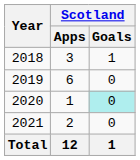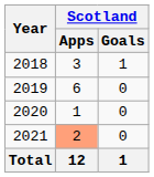 <table class="wikitable" style="text-align:center">
 <tr>
 <th rowspan=2>Year</th>
 <th colspan=2><a href='#'>Scotland</a></th>
 </tr>
 <tr>
 <th>Apps</th>
 <th>Goals</th>
 </tr>
 <tr>
 <td>2018</td>
 <td>3</td>
 <td>1</td>
 </tr>
 <tr>
 <td>2019</td>
 <td>6</td>
 <td>0</td>
 </tr>
 <tr>
 <td>2020</td>
 <td>1</td>
-<td style="background: paleturquoise;">0</td>
+<td>0</td>
 </tr>
 <tr>
 <td>2021</td>
-<td>2</td>
+<td style="background: lightsalmon;">2</td>
 <td>0</td>
 </tr>
 <tr>
 <th>Total</th>
 <th>12</th>
 <th>1</th>
 </tr>
 </table>
